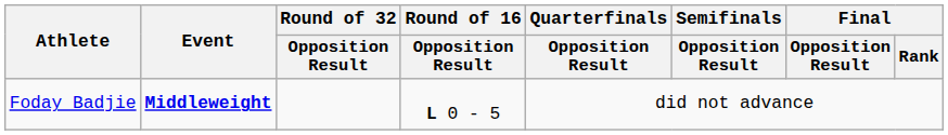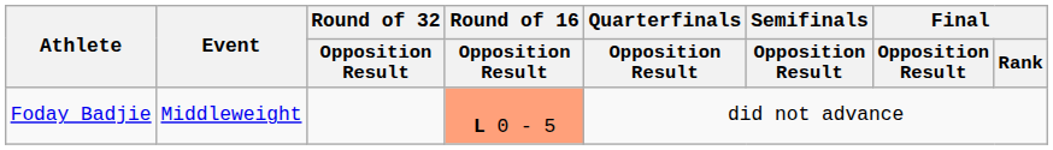 <table class="wikitable" style="font-size:90%; text-align:center">
 <tr>
 <th rowspan=2>Athlete</th>
 <th rowspan=2>Event</th>
 <th>Round of 32</th>
 <th>Round of 16</th>
 <th>Quarterfinals</th>
 <th>Semifinals</th>
 <th colspan=2>Final</th>
 </tr>
 <tr style="font-size:95%">
 <th>Opposition<br>Result</th>
 <th>Opposition<br>Result</th>
 <th>Opposition<br>Result</th>
 <th>Opposition<br>Result</th>
 <th>Opposition<br>Result</th>
 <th>Rank</th>
 </tr>
 <tr>
 <td align=left><a href='#'>Foday Badjie</a></td>
-<td align=left><strong><a href='#'>Middleweight</a></strong></td>
+<td align=left><a href='#'>Middleweight</a></td>
 <td></td>
-<td><br><strong>L</strong> 0 - 5</td>
+<td style="background: lightsalmon;"><br><strong>L</strong> 0 - 5</td>
 <td colspan=4>did not advance</td>
 </tr>
 </table>
